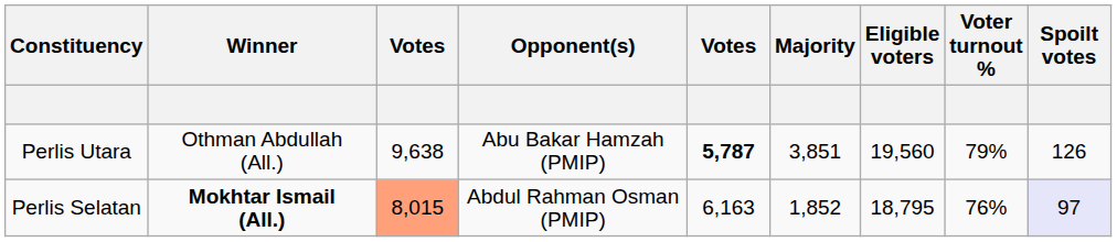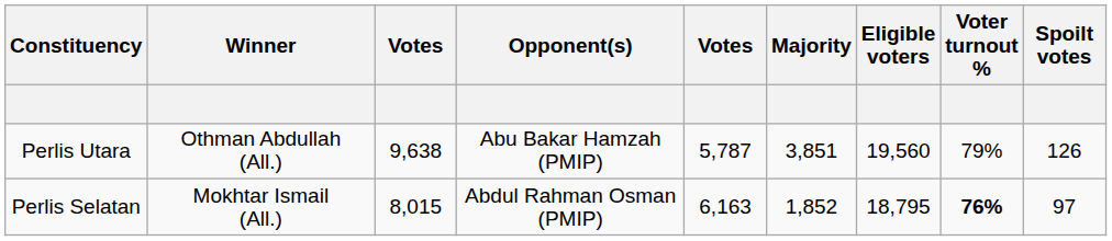 <table class="wikitable sortable" style="text-align:center; font-size:90%">
 <tr>
 <th width="60">Constituency</th>
 <th width="150">Winner</th>
 <th width="50">Votes</th>
 <th width="150">Opponent(s)</th>
 <th width="50">Votes</th>
 <th width="50">Majority</th>
 <th width="50">Eligible voters</th>
 <th width="50">Voter turnout %</th>
 <th width="50">Spoilt votes</th>
 </tr>
 <tr>
 <th height="20"></th>
 <th></th>
 <th></th>
 <th></th>
 <th></th>
 <th></th>
 <th></th>
 <th></th>
 <th></th>
 </tr>
 <tr>
 <td>Perlis Utara</td>
 <td>Othman Abdullah<br>(All.)</td>
 <td>9,638</td>
 <td>Abu Bakar Hamzah<br>(PMIP)</td>
-<td><strong>5,787</strong></td>
+<td>5,787</td>
 <td>3,851</td>
 <td>19,560</td>
 <td>79%</td>
 <td>126</td>
 </tr>
 <tr>
 <td>Perlis Selatan</td>
-<td><strong>Mokhtar Ismail<br>(All.)</strong></td>
-<td style="background: lightsalmon;">8,015</td>
+<td>Mokhtar Ismail<br>(All.)</td>
+<td>8,015</td>
 <td>Abdul Rahman Osman<br>(PMIP)</td>
 <td>6,163</td>
 <td>1,852</td>
 <td>18,795</td>
-<td>76%</td>
-<td style="background: lavender;">97</td>
+<td><strong>76%</strong></td>
+<td>97</td>
 </tr>
 </table>
